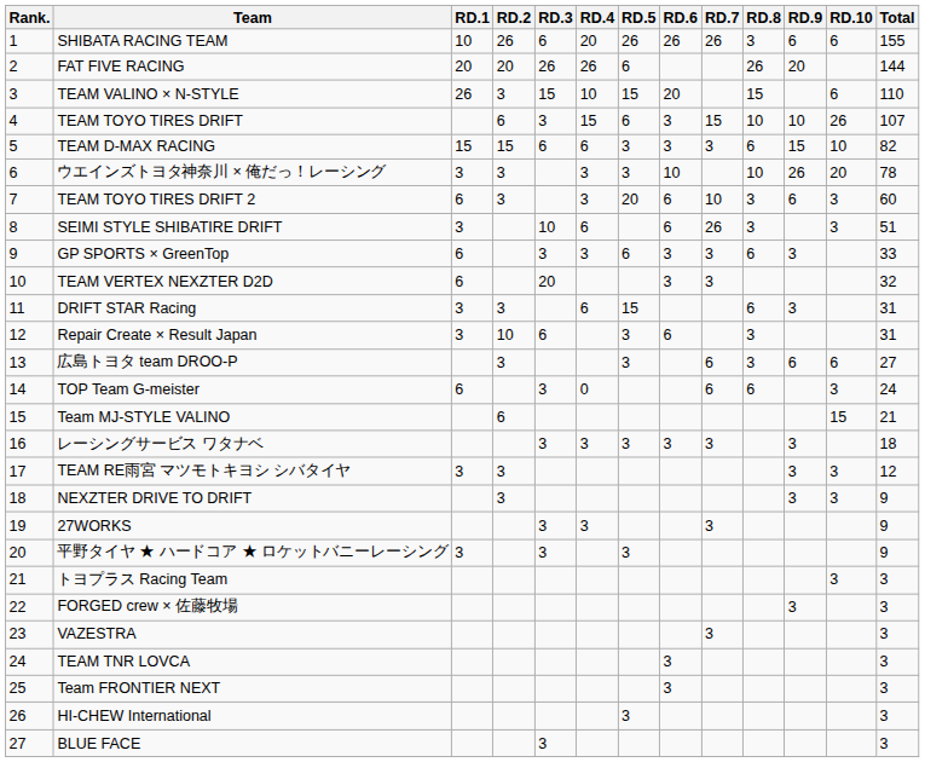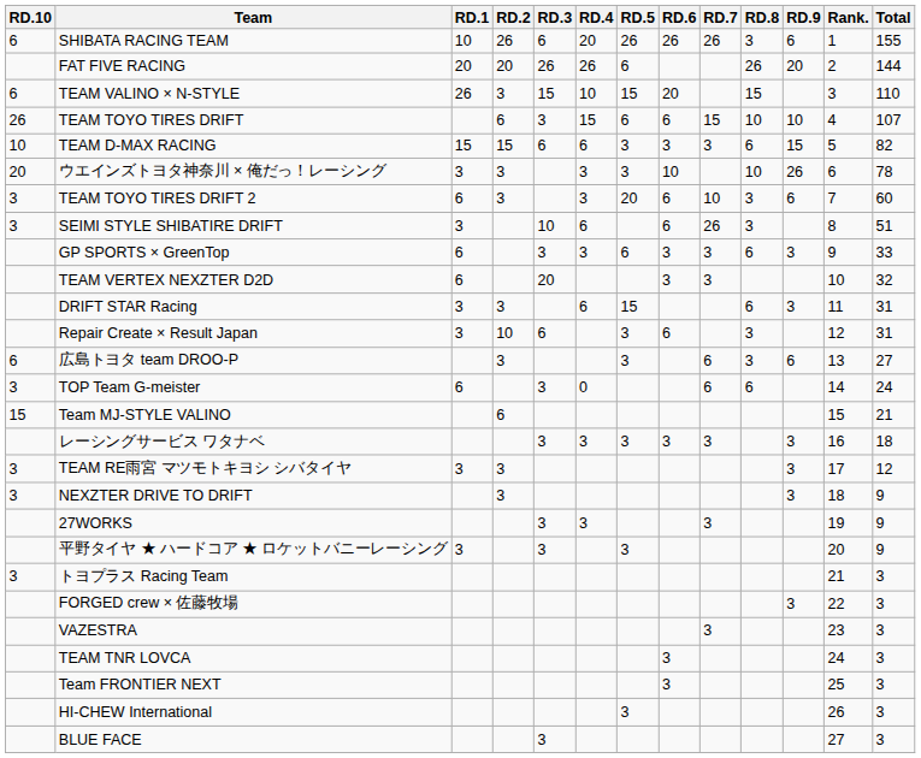 <table class="wikitable" style="font-size:85%">
 <tr>
-<th>Rank.</th>
+<th>RD.10</th>
 <th>Team</th>
 <th>RD.1</th>
 <th>RD.2</th>
 <th>RD.3</th>
 <th>RD.4</th>
 <th>RD.5</th>
 <th>RD.6</th>
 <th>RD.7</th>
 <th>RD.8</th>
 <th>RD.9</th>
-<th>RD.10</th>
+<th>Rank.</th>
 <th>Total</th>
 </tr>
 <tr>
-<td>1</td>
+<td>6</td>
 <td>SHIBATA RACING TEAM</td>
 <td>10</td>
 <td>26</td>
 <td>6</td>
 <td>20</td>
 <td>26</td>
 <td>26</td>
 <td>26</td>
 <td>3</td>
 <td>6</td>
-<td>6</td>
+<td>1</td>
 <td>155</td>
 </tr>
 <tr>
-<td>2</td>
+<td>　</td>
 <td>FAT FIVE RACING</td>
 <td>20</td>
 <td>20</td>
 <td>26</td>
 <td>26</td>
 <td>6</td>
 <td>　</td>
 <td>　</td>
 <td>26</td>
 <td>20</td>
-<td>　</td>
+<td>2</td>
 <td>144</td>
 </tr>
 <tr>
-<td>3</td>
+<td>6</td>
 <td>TEAM VALINO × N-STYLE</td>
 <td>26</td>
 <td>3</td>
 <td>15</td>
 <td>10</td>
 <td>15</td>
 <td>20</td>
 <td>　</td>
 <td>15</td>
 <td>　</td>
-<td>6</td>
+<td>3</td>
 <td>110</td>
 </tr>
 <tr>
-<td>4</td>
+<td>26</td>
 <td>TEAM TOYO TIRES DRIFT</td>
 <td>　</td>
 <td>6</td>
 <td>3</td>
 <td>15</td>
 <td>6</td>
-<td>3</td>
+<td>6</td>
 <td>15</td>
 <td>10</td>
 <td>10</td>
-<td>26</td>
+<td>4</td>
 <td>107</td>
 </tr>
 <tr>
-<td>5</td>
+<td>10</td>
 <td>TEAM D-MAX RACING</td>
 <td>15</td>
 <td>15</td>
 <td>6</td>
 <td>6</td>
 <td>3</td>
 <td>3</td>
 <td>3</td>
 <td>6</td>
 <td>15</td>
-<td>10</td>
+<td>5</td>
 <td>82</td>
 </tr>
 <tr>
-<td>6</td>
+<td>20</td>
 <td>ウエインズトヨタ神奈川 × 俺だっ！レーシング</td>
 <td>3</td>
 <td>3</td>
 <td>　</td>
 <td>3</td>
 <td>3</td>
 <td>10</td>
 <td>　</td>
 <td>10</td>
 <td>26</td>
-<td>20</td>
+<td>6</td>
 <td>78</td>
 </tr>
 <tr>
-<td>7</td>
+<td>3</td>
 <td>TEAM TOYO TIRES DRIFT 2</td>
 <td>6</td>
 <td>3</td>
 <td>　</td>
 <td>3</td>
 <td>20</td>
 <td>6</td>
 <td>10</td>
 <td>3</td>
 <td>6</td>
-<td>3</td>
+<td>7</td>
 <td>60</td>
 </tr>
 <tr>
-<td>8</td>
+<td>3</td>
 <td>SEIMI STYLE SHIBATIRE DRIFT</td>
 <td>3</td>
 <td>　</td>
 <td>10</td>
 <td>6</td>
 <td>　</td>
 <td>6</td>
 <td>26</td>
 <td>3</td>
 <td>　</td>
-<td>3</td>
+<td>8</td>
 <td>51</td>
 </tr>
 <tr>
-<td>9</td>
+<td>　</td>
 <td>GP SPORTS × GreenTop</td>
 <td>6</td>
 <td>　</td>
 <td>3</td>
 <td>3</td>
 <td>6</td>
 <td>3</td>
 <td>3</td>
 <td>6</td>
 <td>3</td>
-<td>　</td>
+<td>9</td>
 <td>33</td>
 </tr>
 <tr>
-<td>10</td>
+<td>　</td>
 <td>TEAM VERTEX NEXZTER D2D</td>
 <td>6</td>
 <td>　</td>
 <td>20</td>
 <td>　</td>
 <td>　</td>
 <td>3</td>
 <td>3</td>
 <td>　</td>
 <td>　</td>
-<td>　</td>
+<td>10</td>
 <td>32</td>
 </tr>
 <tr>
-<td>11</td>
+<td>　</td>
 <td>DRIFT STAR Racing</td>
 <td>3</td>
 <td>3</td>
 <td>　</td>
 <td>6</td>
 <td>15</td>
 <td>　</td>
 <td>　</td>
 <td>6</td>
 <td>3</td>
-<td>　</td>
+<td>11</td>
 <td>31</td>
 </tr>
 <tr>
-<td>12</td>
+<td>　</td>
 <td>Repair Create × Result Japan</td>
 <td>3</td>
 <td>10</td>
 <td>6</td>
 <td>　</td>
 <td>3</td>
 <td>6</td>
 <td>　</td>
 <td>3</td>
 <td>　</td>
-<td>　</td>
+<td>12</td>
 <td>31</td>
 </tr>
 <tr>
-<td>13</td>
+<td>6</td>
 <td>広島トヨタ team DROO-P</td>
 <td>　</td>
 <td>3</td>
 <td>　</td>
 <td>　</td>
 <td>3</td>
 <td>　</td>
 <td>6</td>
 <td>3</td>
 <td>6</td>
-<td>6</td>
+<td>13</td>
 <td>27</td>
 </tr>
 <tr>
-<td>14</td>
+<td>3</td>
 <td>TOP Team G-meister</td>
 <td>6</td>
 <td>　</td>
 <td>3</td>
 <td>0</td>
 <td>　</td>
 <td>　</td>
 <td>6</td>
 <td>6</td>
 <td>　</td>
-<td>3</td>
+<td>14</td>
 <td>24</td>
 </tr>
 <tr>
 <td>15</td>
 <td>Team MJ-STYLE VALINO</td>
 <td>　</td>
 <td>6</td>
 <td>　</td>
 <td>　</td>
 <td>　</td>
 <td>　</td>
 <td>　</td>
 <td>　</td>
 <td>　</td>
 <td>15</td>
 <td>21</td>
 </tr>
 <tr>
-<td>16</td>
+<td>　</td>
 <td>レーシングサービス ワタナベ</td>
 <td>　</td>
 <td>　</td>
 <td>3</td>
 <td>3</td>
 <td>3</td>
 <td>3</td>
 <td>3</td>
 <td>　</td>
 <td>3</td>
-<td>　</td>
+<td>16</td>
 <td>18</td>
 </tr>
 <tr>
-<td>17</td>
+<td>3</td>
 <td>TEAM RE雨宮 マツモトキヨシ シバタイヤ</td>
 <td>3</td>
 <td>3</td>
 <td>　</td>
 <td>　</td>
 <td>　</td>
 <td>　</td>
 <td>　</td>
 <td>　</td>
 <td>3</td>
-<td>3</td>
+<td>17</td>
 <td>12</td>
 </tr>
 <tr>
-<td>18</td>
+<td>3</td>
 <td>NEXZTER DRIVE TO DRIFT</td>
 <td>　</td>
 <td>3</td>
 <td>　</td>
 <td>　</td>
 <td>　</td>
 <td>　</td>
 <td>　</td>
 <td>　</td>
 <td>3</td>
-<td>3</td>
+<td>18</td>
 <td>9</td>
 </tr>
 <tr>
-<td>19</td>
+<td>　</td>
 <td>27WORKS</td>
 <td>　</td>
 <td>　</td>
 <td>3</td>
 <td>3</td>
 <td>　</td>
 <td>　</td>
 <td>3</td>
 <td>　</td>
 <td>　</td>
-<td>　</td>
+<td>19</td>
 <td>9</td>
 </tr>
 <tr>
-<td>20</td>
+<td>　</td>
 <td>平野タイヤ ★ ハードコア ★ ロケットバニーレーシング</td>
 <td>3</td>
 <td>　</td>
 <td>3</td>
 <td>　</td>
 <td>3</td>
 <td>　</td>
 <td>　</td>
 <td>　</td>
 <td>　</td>
-<td>　</td>
+<td>20</td>
 <td>9</td>
 </tr>
 <tr>
-<td>21</td>
+<td>3</td>
 <td>トヨプラス Racing Team</td>
 <td>　</td>
 <td>　</td>
 <td>　</td>
 <td>　</td>
 <td>　</td>
 <td>　</td>
 <td>　</td>
 <td>　</td>
 <td>　</td>
-<td>3</td>
+<td>21</td>
 <td>3</td>
 </tr>
 <tr>
-<td>22</td>
+<td>　</td>
 <td>FORGED crew × 佐藤牧場</td>
 <td>　</td>
 <td>　</td>
 <td>　</td>
 <td>　</td>
 <td>　</td>
 <td>　</td>
 <td>　</td>
 <td>　</td>
 <td>3</td>
-<td>　</td>
+<td>22</td>
 <td>3</td>
 </tr>
 <tr>
-<td>23</td>
+<td>　</td>
 <td>VAZESTRA</td>
 <td>　</td>
 <td>　</td>
 <td>　</td>
 <td>　</td>
 <td>　</td>
 <td>　</td>
 <td>3</td>
 <td>　</td>
 <td>　</td>
-<td>　</td>
+<td>23</td>
 <td>3</td>
 </tr>
 <tr>
-<td>24</td>
+<td>　</td>
 <td>TEAM TNR LOVCA</td>
 <td>　</td>
 <td>　</td>
 <td>　</td>
 <td>　</td>
 <td>　</td>
 <td>3</td>
 <td>　</td>
 <td>　</td>
 <td>　</td>
-<td>　</td>
+<td>24</td>
 <td>3</td>
 </tr>
 <tr>
-<td>25</td>
+<td>　</td>
 <td>Team FRONTIER NEXT</td>
 <td>　</td>
 <td>　</td>
 <td>　</td>
 <td>　</td>
 <td>　</td>
 <td>3</td>
 <td>　</td>
 <td>　</td>
 <td>　</td>
-<td>　</td>
+<td>25</td>
 <td>3</td>
 </tr>
 <tr>
-<td>26</td>
+<td>　</td>
 <td>HI-CHEW International</td>
 <td>　</td>
 <td>　</td>
 <td>　</td>
 <td>　</td>
 <td>3</td>
 <td>　</td>
 <td>　</td>
 <td>　</td>
 <td>　</td>
-<td>　</td>
+<td>26</td>
 <td>3</td>
 </tr>
 <tr>
-<td>27</td>
+<td>　</td>
 <td>BLUE FACE</td>
 <td>　</td>
 <td>　</td>
 <td>3</td>
 <td>　</td>
 <td>　</td>
 <td>　</td>
 <td>　</td>
 <td>　</td>
 <td>　</td>
-<td>　</td>
+<td>27</td>
 <td>3</td>
 </tr>
 </table>
